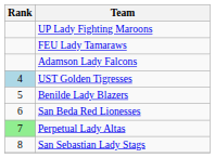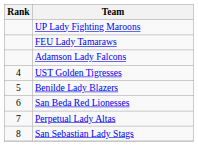 <table class="wikitable" style="text-align: center">
 <tr>
 <th width=40>Rank</th>
 <th width=260>Team </th>
 </tr>
 <tr>
 <td></td>
 <td align="left"><a href='#'>UP Lady Fighting Maroons</a></td>
 </tr>
 <tr>
 <td></td>
 <td align="left"><a href='#'>FEU Lady Tamaraws</a></td>
 </tr>
 <tr>
 <td></td>
 <td align="left"><a href='#'>Adamson Lady Falcons</a></td>
 </tr>
 <tr>
-<td style="background: lightblue;">4</td>
+<td>4</td>
 <td align="left"><a href='#'>UST Golden Tigresses</a></td>
 </tr>
 <tr>
 <td>5</td>
 <td align="left"><a href='#'>Benilde Lady Blazers</a></td>
 </tr>
 <tr>
 <td>6</td>
 <td align="left"><a href='#'>San Beda Red Lionesses</a></td>
 </tr>
 <tr>
-<td style="background: lightgreen;">7</td>
+<td>7</td>
 <td align="left"><a href='#'>Perpetual Lady Altas</a></td>
 </tr>
 <tr>
 <td>8</td>
 <td align="left"><a href='#'>San Sebastian Lady Stags</a></td>
 </tr>
 <tr>
 </tr>
 </table>
